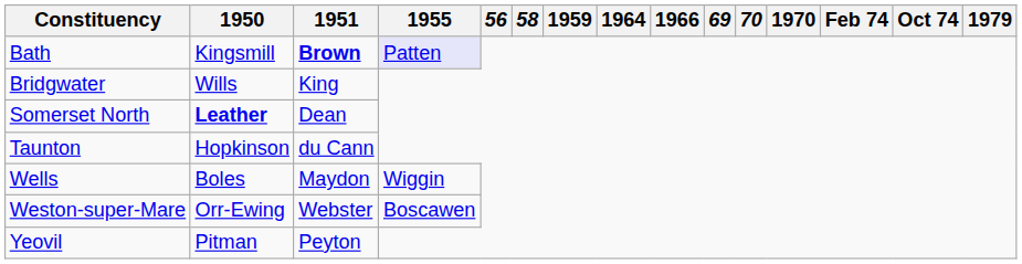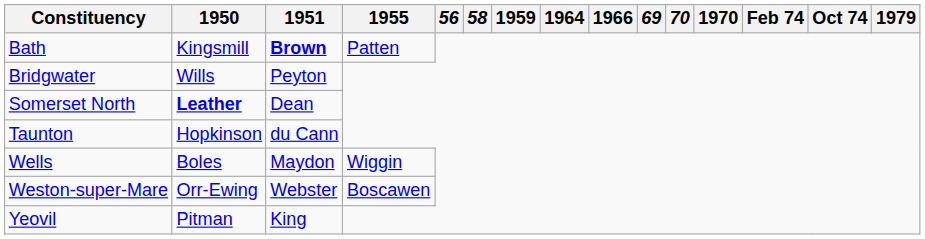 <table class="wikitable">
 <tr>
 <th>Constituency</th>
 <th>1950</th>
 <th>1951</th>
 <th>1955</th>
 <th><em>56</em></th>
 <th><em>58</em></th>
 <th>1959</th>
 <th>1964</th>
 <th>1966</th>
 <th><em>69</em></th>
 <th><em>70</em></th>
 <th>1970</th>
 <th>Feb 74</th>
 <th>Oct 74</th>
 <th>1979</th>
 </tr>
 <tr>
 <td><a href='#'>Bath</a></td>
 <td><a href='#'>Kingsmill</a></td>
 <td><strong><a href='#'>Brown</a></strong></td>
-<td style="background: lavender;"><a href='#'>Patten</a></td>
+<td><a href='#'>Patten</a></td>
 </tr>
 <tr>
 <td><a href='#'>Bridgwater</a></td>
 <td><a href='#'>Wills</a></td>
-<td><a href='#'>King</a></td>
+<td><a href='#'>Peyton</a></td>
 </tr>
 <tr>
 <td><a href='#'>Somerset North</a></td>
 <td><strong><a href='#'>Leather</a></strong></td>
 <td><a href='#'>Dean</a></td>
 </tr>
 <tr>
 <td><a href='#'>Taunton</a></td>
 <td><a href='#'>Hopkinson</a></td>
 <td><a href='#'>du Cann</a></td>
 </tr>
 <tr>
 <td><a href='#'>Wells</a></td>
 <td><a href='#'>Boles</a></td>
 <td><a href='#'>Maydon</a></td>
 <td><a href='#'>Wiggin</a></td>
 </tr>
 <tr>
 <td><a href='#'>Weston-super-Mare</a></td>
 <td><a href='#'>Orr-Ewing</a></td>
 <td><a href='#'>Webster</a></td>
 <td><a href='#'>Boscawen</a></td>
 </tr>
 <tr>
 <td><a href='#'>Yeovil</a></td>
 <td><a href='#'>Pitman</a></td>
-<td><a href='#'>Peyton</a></td>
+<td><a href='#'>King</a></td>
 </tr>
 </table>
